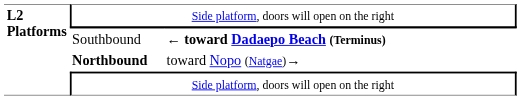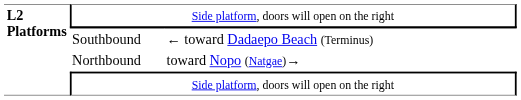 <table table border=0 cellspacing=0 cellpadding=3>
 <tr>
 <td style="border-top:solid 1px gray;border-bottom:solid 1px gray;" width=50 rowspan=10 valign=top><strong>L2<br>Platforms</strong></td>
 <td style="border-top:solid 1px gray;border-right:solid 2px black;border-left:solid 2px black;border-bottom:solid 2px black;text-align:center;" colspan=2><small><a href='#'>Side platform</a>, doors will open on the right</small></td>
 </tr>
 <tr>
 <td style="border-bottom:solid 0px gray;border-top:solid 1px gray;" width=100>Southbound</td>
-<td style="border-bottom:solid 0px gray;border-top:solid 1px gray;" width=390><strong>←  toward <a href='#'>Dadaepo Beach</a> <small>(Terminus)</small></strong></td>
+<td style="border-bottom:solid 0px gray;border-top:solid 1px gray;" width=390>←  toward <a href='#'>Dadaepo Beach</a> <small>(Terminus)</small></td>
 </tr>
 <tr>
-<td><strong>Northbound</strong></td>
+<td>Northbound</td>
 <td>  toward <a href='#'>Nopo</a> <small>(<a href='#'>Natgae</a>)</small>→</td>
 </tr>
 <tr>
 <td style="border-top:solid 2px black;border-right:solid 2px black;border-left:solid 2px black;border-bottom:solid 1px gray;text-align:center;" colspan=2><small><a href='#'>Side platform</a>, doors will open on the right</small></td>
 </tr>
 </table>
